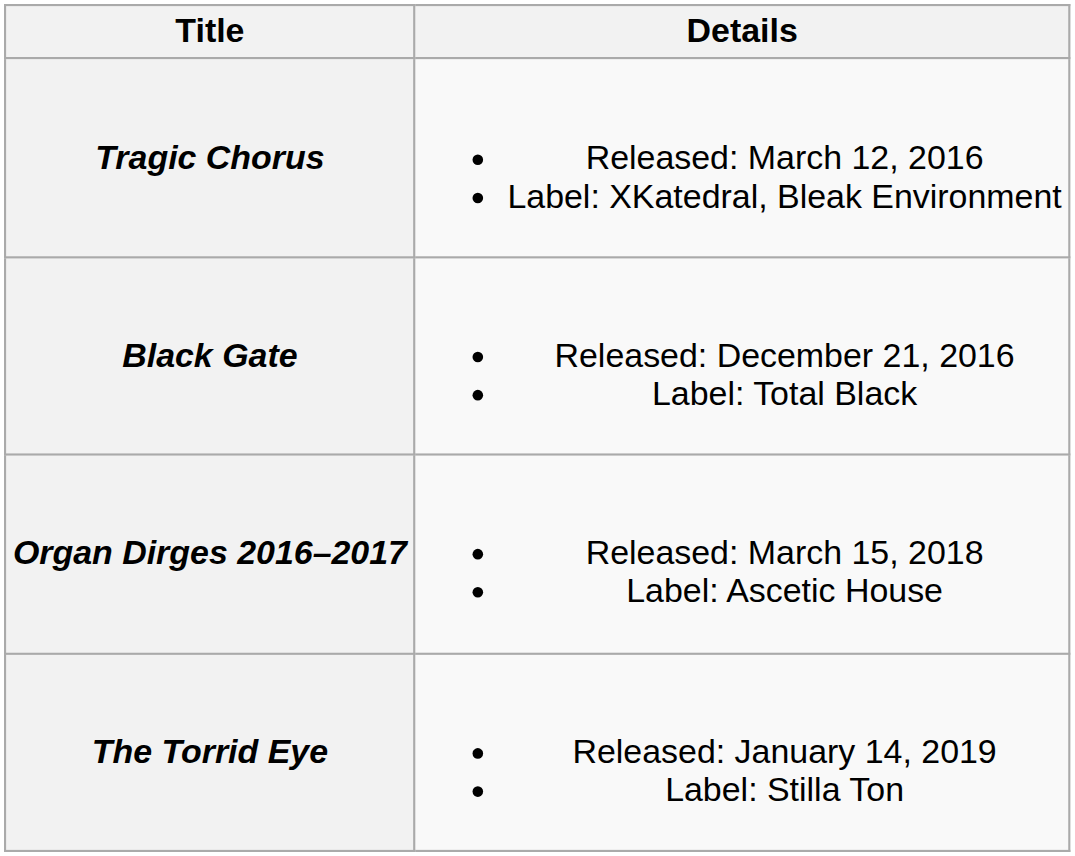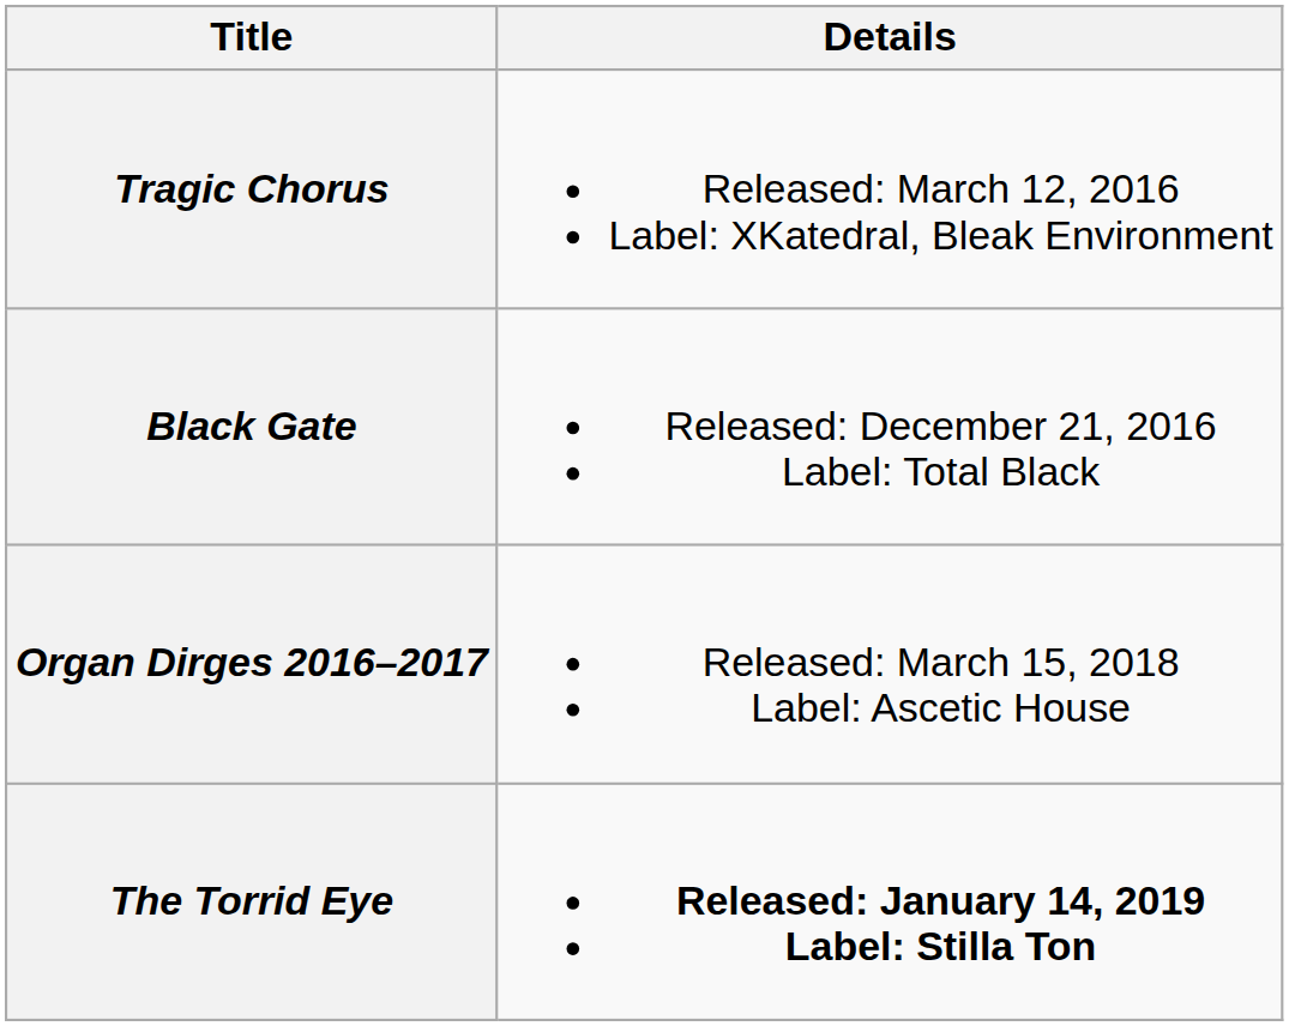 <table class="wikitable plainrowheaders" style="text-align:center;">
 <tr>
 <th scope="col">Title</th>
 <th scope="col">Details</th>
 </tr>
 <tr>
 <th scope="row"><em>Tragic Chorus</em></th>
 <td><br><ul><li>Released: March 12, 2016</li><li>Label: XKatedral, Bleak Environment</li></ul></td>
 </tr>
 <tr>
 <th scope="row"><em>Black Gate</em></th>
 <td><br><ul><li>Released: December 21, 2016</li><li>Label: Total Black</li></ul></td>
 </tr>
 <tr>
 <th scope="row"><em>Organ Dirges 2016–2017</em></th>
 <td><br><ul><li>Released: March 15, 2018</li><li>Label: Ascetic House</li></ul></td>
 </tr>
 <tr>
 <th scope="row"><em>The Torrid Eye</em><br></th>
-<td><br><ul><li>Released: January 14, 2019</li><li>Label: Stilla Ton</li></ul></td>
+<td><strong><br><ul><li>Released: January 14, 2019</li><li>Label: Stilla Ton</li></ul></strong></td>
 </tr>
 </table>
